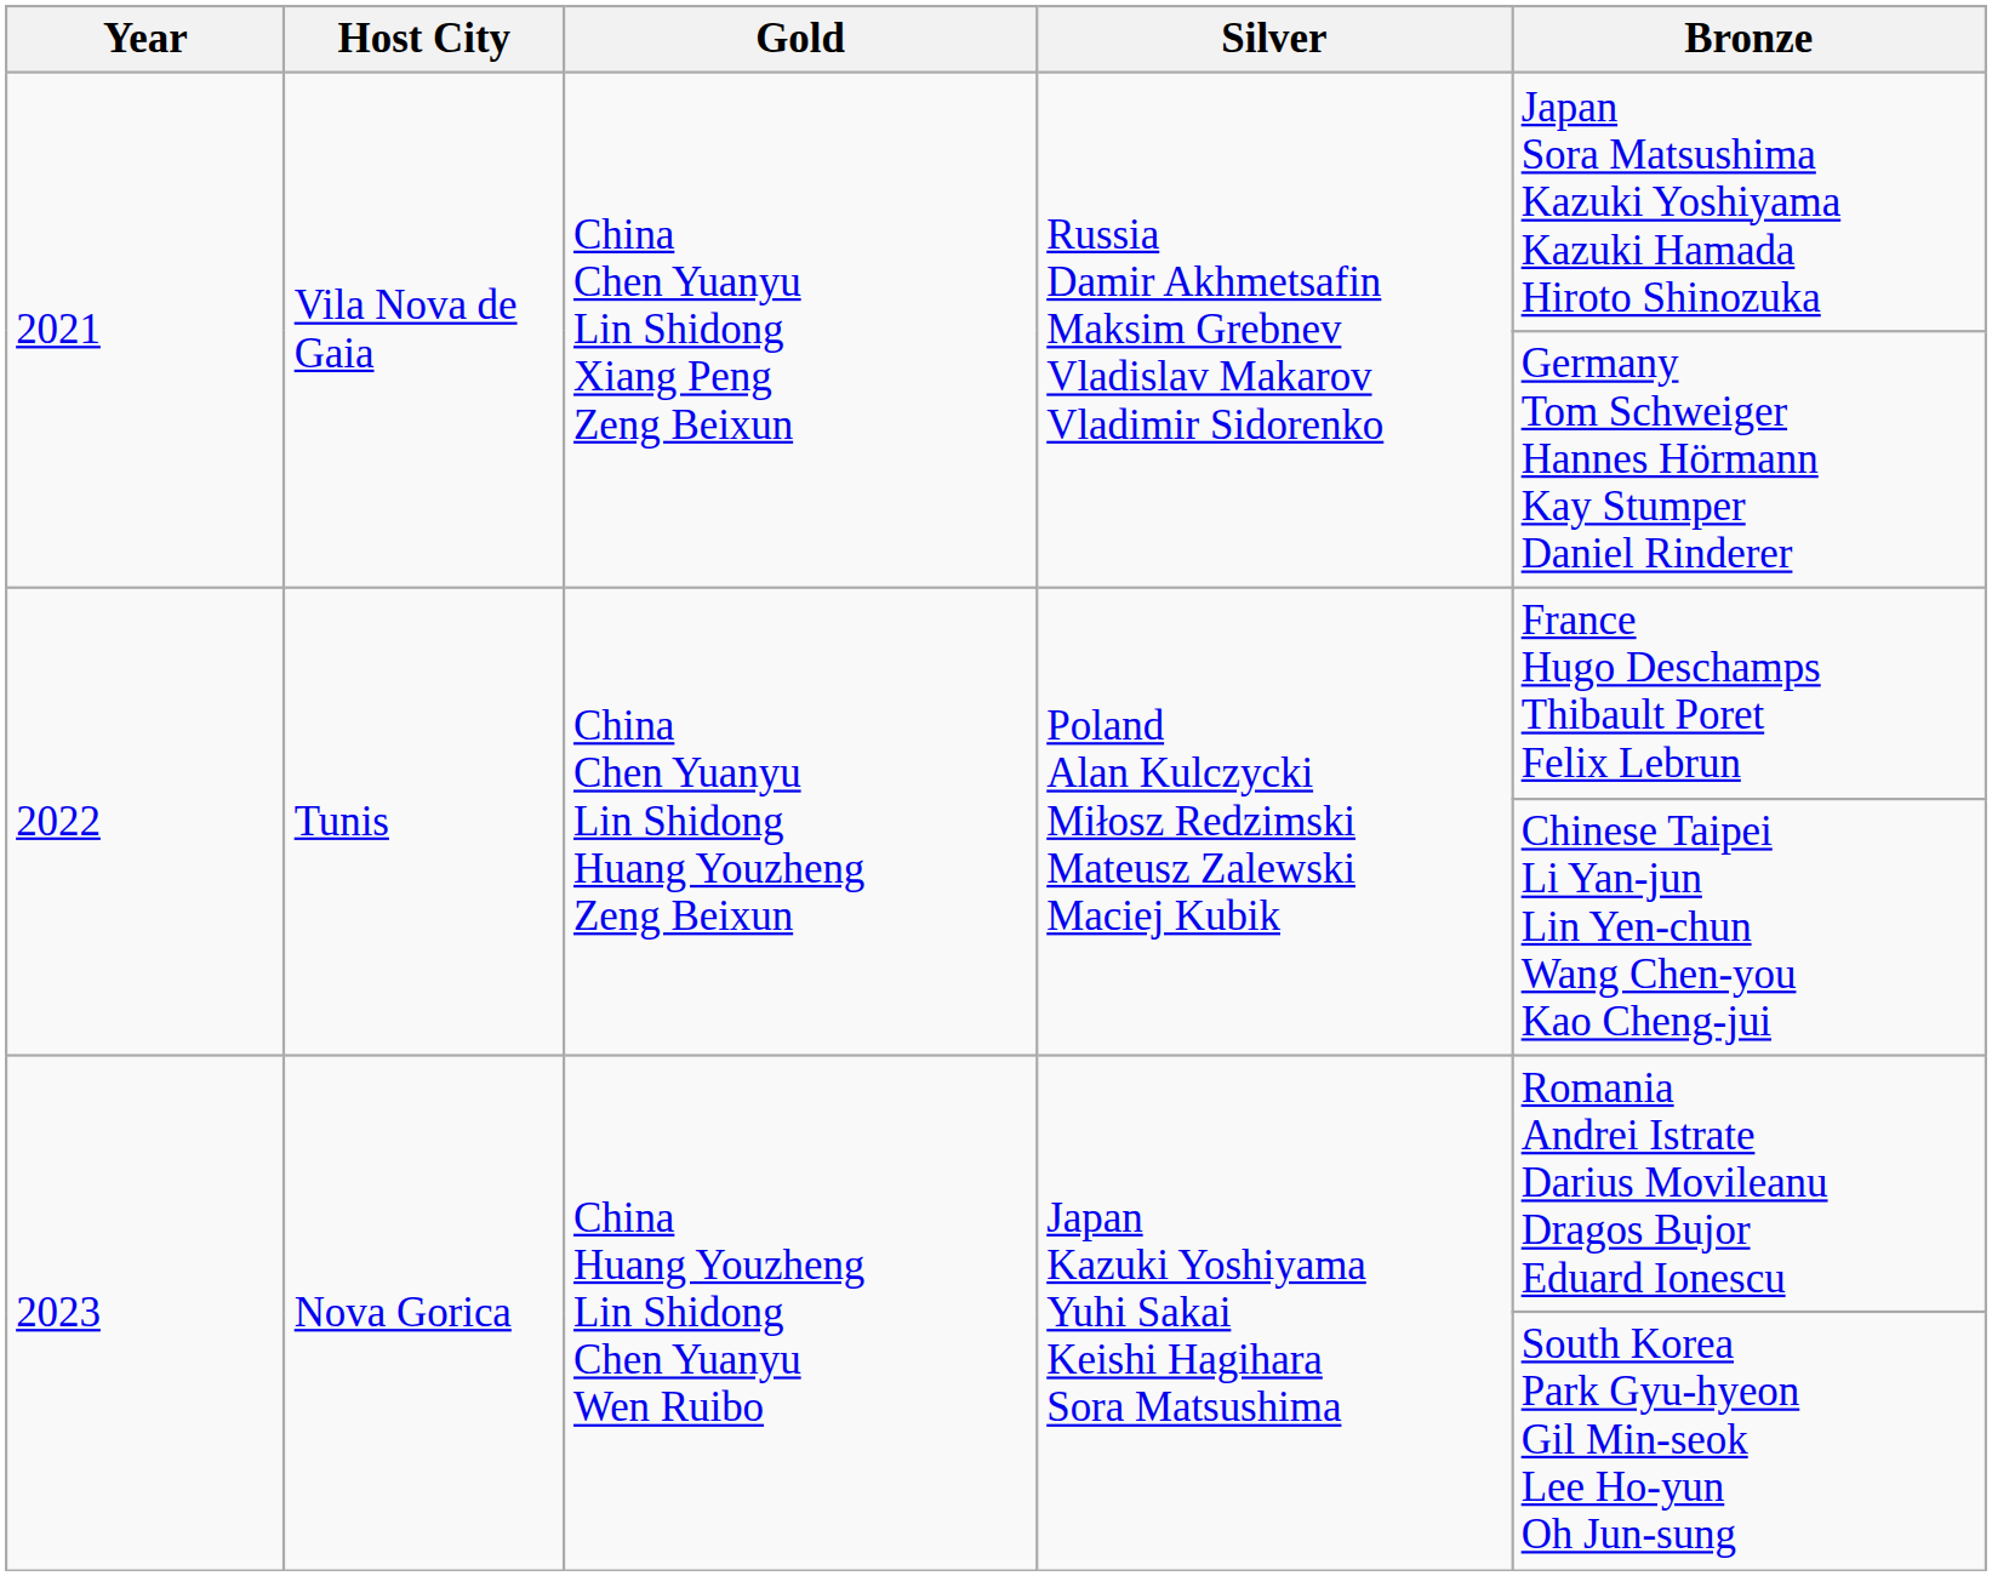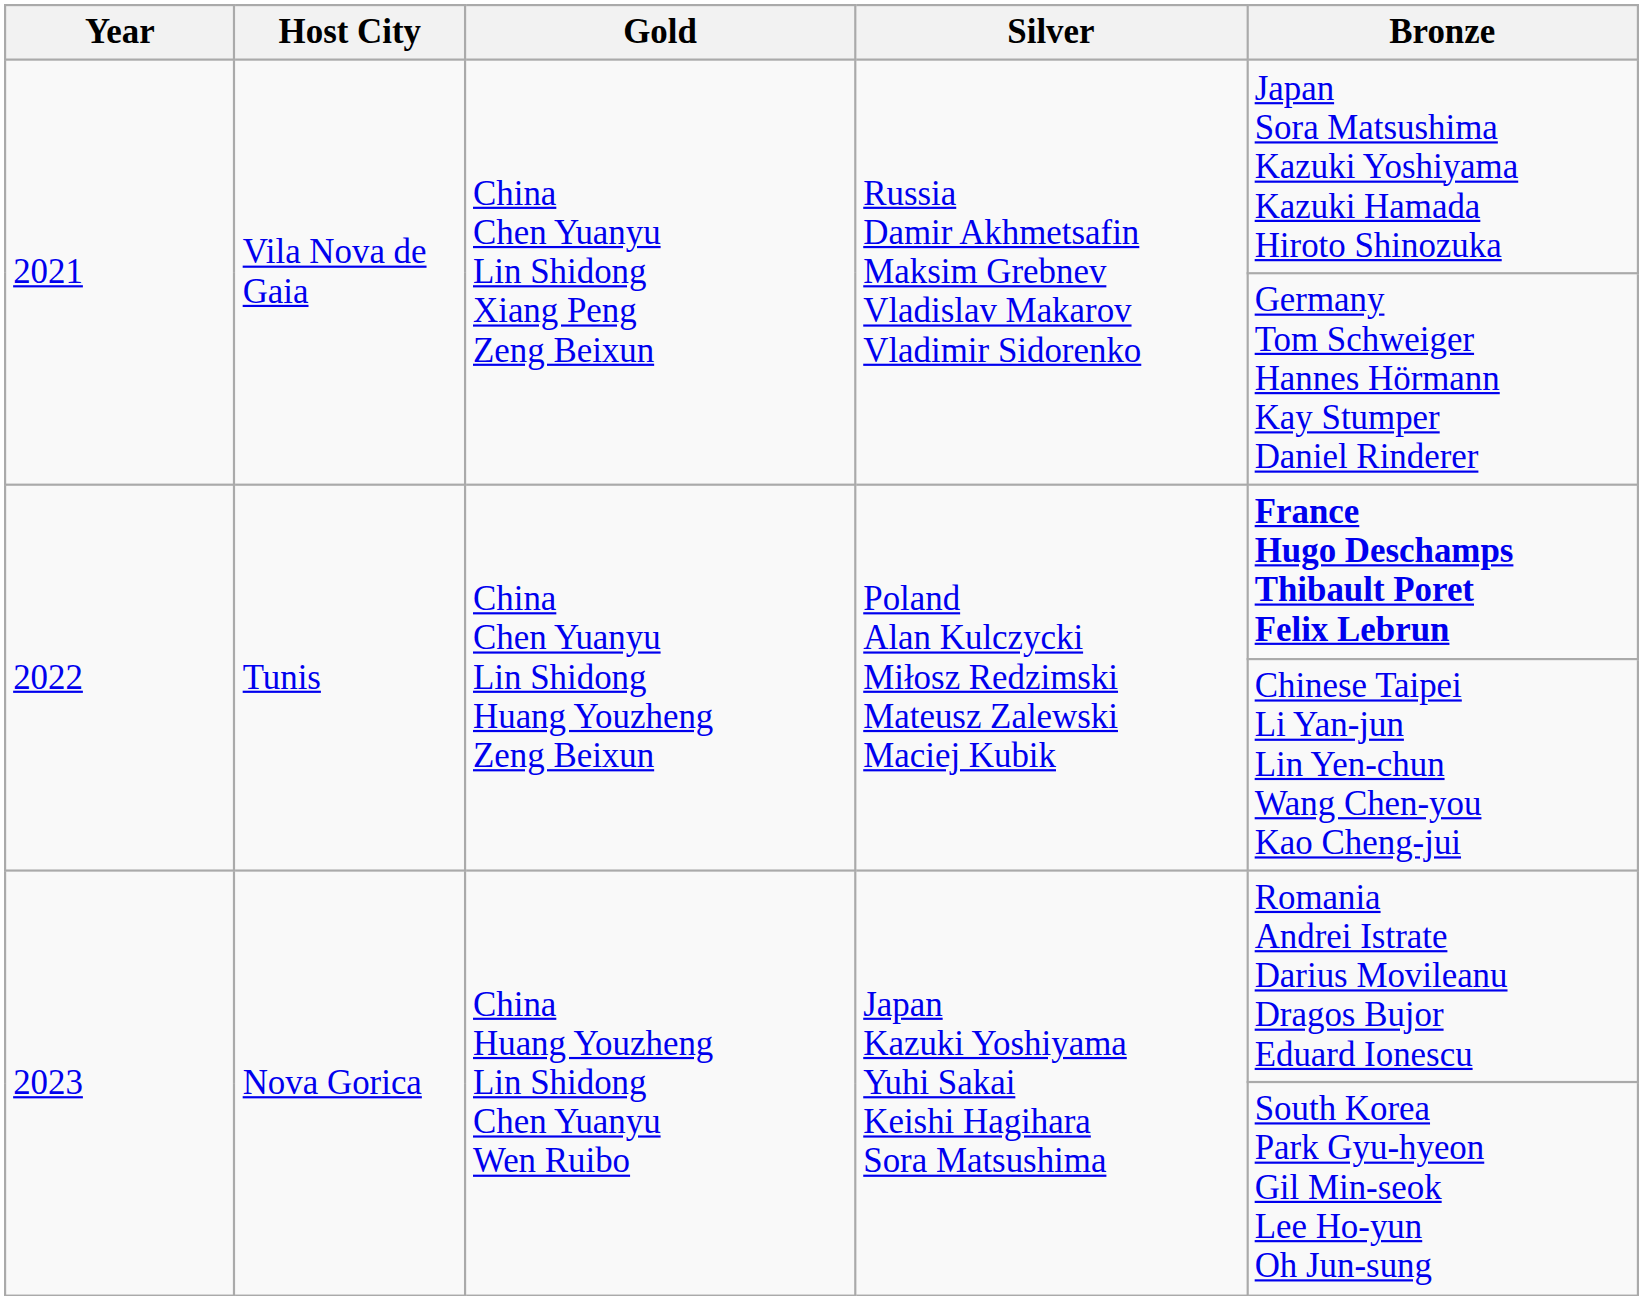 <table class="wikitable" style="text-align: left; width: 750px;">
 <tr>
 <th width="100">Year</th>
 <th width="100">Host City</th>
 <th width="175">Gold</th>
 <th width="175">Silver</th>
 <th width="175">Bronze</th>
 </tr>
 <tr>
 <td rowspan="2"><a href='#'>2021</a></td>
 <td rowspan="2"><a href='#'>Vila Nova de Gaia</a></td>
 <td rowspan="2"> <a href='#'>China</a><br><a href='#'>Chen Yuanyu</a><br><a href='#'>Lin Shidong</a><br><a href='#'>Xiang Peng</a><br><a href='#'>Zeng Beixun</a></td>
 <td rowspan="2"> <a href='#'>Russia</a><br><a href='#'>Damir Akhmetsafin</a><br><a href='#'>Maksim Grebnev</a><br><a href='#'>Vladislav Makarov</a><br><a href='#'>Vladimir Sidorenko</a></td>
 <td> <a href='#'>Japan</a><br><a href='#'>Sora Matsushima</a><br><a href='#'>Kazuki Yoshiyama</a><br><a href='#'>Kazuki Hamada</a><br><a href='#'>Hiroto Shinozuka</a></td>
 </tr>
 <tr>
 <td> <a href='#'>Germany</a><br><a href='#'>Tom Schweiger</a><br><a href='#'>Hannes Hörmann</a><br><a href='#'>Kay Stumper</a><br><a href='#'>Daniel Rinderer</a></td>
 </tr>
 <tr>
 <td rowspan="2"><a href='#'>2022</a></td>
 <td rowspan="2"><a href='#'>Tunis</a></td>
 <td rowspan="2"> <a href='#'>China</a><br><a href='#'>Chen Yuanyu</a><br><a href='#'>Lin Shidong</a><br><a href='#'>Huang Youzheng</a><br><a href='#'>Zeng Beixun</a></td>
 <td rowspan="2"> <a href='#'>Poland</a><br><a href='#'>Alan Kulczycki</a><br><a href='#'>Miłosz Redzimski</a><br><a href='#'>Mateusz Zalewski</a><br><a href='#'>Maciej Kubik</a></td>
-<td> <a href='#'>France</a><br><a href='#'>Hugo Deschamps</a><br><a href='#'>Thibault Poret</a><br><a href='#'>Felix Lebrun</a></td>
+<td><strong> <a href='#'>France</a><br><a href='#'>Hugo Deschamps</a><br><a href='#'>Thibault Poret</a><br><a href='#'>Felix Lebrun</a></strong></td>
 </tr>
 <tr>
 <td> <a href='#'>Chinese Taipei</a><br><a href='#'>Li Yan-jun</a><br><a href='#'>Lin Yen-chun</a><br><a href='#'>Wang Chen-you</a><br><a href='#'>Kao Cheng-jui</a></td>
 </tr>
 <tr>
 <td rowspan="2"><a href='#'>2023</a></td>
 <td rowspan="2"><a href='#'>Nova Gorica</a></td>
 <td rowspan=2> <a href='#'>China</a><br><a href='#'>Huang Youzheng</a><br><a href='#'>Lin Shidong</a><br><a href='#'>Chen Yuanyu</a><br><a href='#'>Wen Ruibo</a></td>
 <td rowspan=2> <a href='#'>Japan</a><br><a href='#'>Kazuki Yoshiyama</a><br><a href='#'>Yuhi Sakai</a><br><a href='#'>Keishi Hagihara</a><br><a href='#'>Sora Matsushima</a></td>
 <td> <a href='#'>Romania</a><br><a href='#'>Andrei Istrate</a><br><a href='#'>Darius Movileanu</a><br><a href='#'>Dragos Bujor</a><br><a href='#'>Eduard Ionescu</a></td>
 </tr>
 <tr>
 <td> <a href='#'>South Korea</a><br><a href='#'>Park Gyu-hyeon</a><br><a href='#'>Gil Min-seok</a><br><a href='#'>Lee Ho-yun</a><br><a href='#'>Oh Jun-sung</a></td>
 </tr>
 </table>
